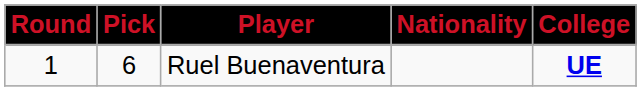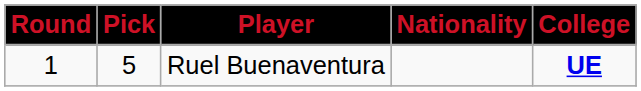 <table class="wikitable sortable sortable">
 <tr>
 <th style="background:#000000; color:#CE1126; ">Round</th>
 <th style="background:#000000; color:#CE1126; ">Pick</th>
 <th style="background:#000000; color:#CE1126; ">Player</th>
 <th style="background:#000000; color:#CE1126; ">Nationality</th>
 <th style="background:#000000; color:#CE1126; ">College</th>
 </tr>
 <tr>
 <td align="center">1</td>
-<td align="center">6</td>
+<td align="center">5</td>
 <td>Ruel Buenaventura</td>
 <td></td>
 <td align="center"><strong><a href='#'>UE</a></strong></td>
 </tr>
 </table>
